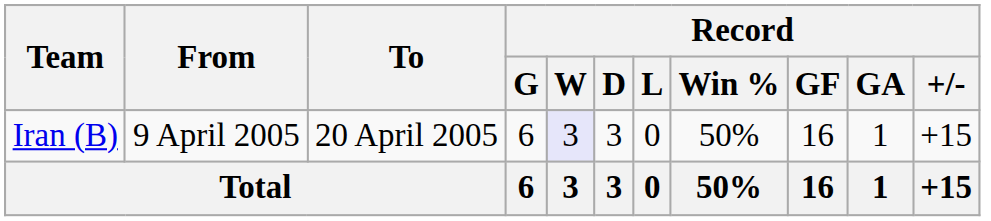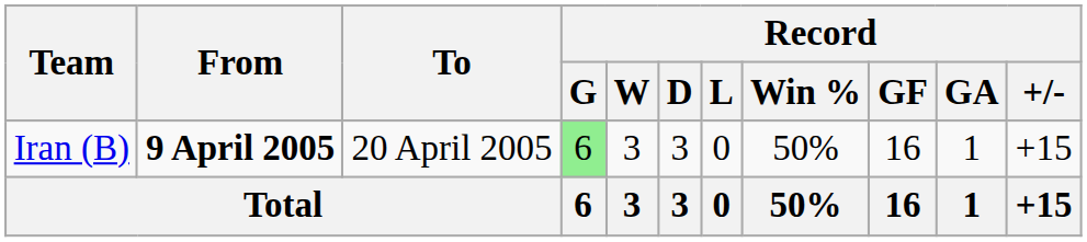 <table class="wikitable" style="text-align: center">
 <tr>
 <th rowspan="2">Team</th>
 <th rowspan="2">From</th>
 <th rowspan="2">To</th>
 <th colspan="8">Record</th>
 </tr>
 <tr>
 <th>G</th>
 <th>W</th>
 <th>D</th>
 <th>L</th>
 <th>Win %</th>
 <th>GF</th>
 <th>GA</th>
 <th>+/-</th>
 </tr>
 <tr>
 <td><a href='#'>Iran (B)</a></td>
-<td align="left">9 April 2005</td>
+<td align="left"><strong>9 April 2005</strong></td>
 <td align="left">20 April 2005</td>
-<td>6</td>
-<td style="background: lavender;">3</td>
+<td style="background: lightgreen;">6</td>
+<td>3</td>
 <td>3</td>
 <td>0</td>
 <td>50%</td>
 <td>16</td>
 <td>1</td>
 <td>+15</td>
 </tr>
 <tr>
 <th colspan="3">Total</th>
 <th>6</th>
 <th>3</th>
 <th>3</th>
 <th>0</th>
 <th>50%</th>
 <th>16</th>
 <th>1</th>
 <th>+15</th>
 </tr>
 </table>
